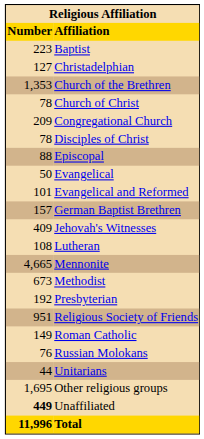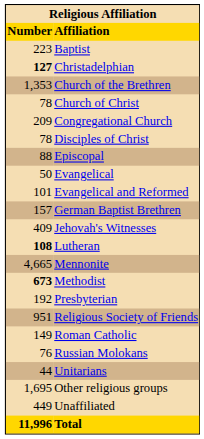 <table align=right cellspacing=0 style="border: 1px solid; background: wheat; margin-left: 5px; font-size:75%">
 <tr>
 <th colspan="2">Religious Affiliation</th>
 </tr>
 <tr style="background:gold">
 <th>Number</th>
 <th align=left>Affiliation</th>
 </tr>
 <tr>
 <td align=right>223</td>
 <td><a href='#'>Baptist</a></td>
 </tr>
 <tr>
-<td align=right>127</td>
+<td align=right><strong>127</strong></td>
 <td><a href='#'>Christadelphian</a></td>
 </tr>
 <tr style="background:tan">
 <td align=right>1,353</td>
 <td><a href='#'>Church of the Brethren</a></td>
 </tr>
 <tr>
 <td align=right>78</td>
 <td><a href='#'>Church of Christ</a></td>
 </tr>
 <tr>
 <td align=right>209</td>
 <td><a href='#'>Congregational Church</a></td>
 </tr>
 <tr>
 <td align=right>78</td>
 <td><a href='#'>Disciples of Christ</a></td>
 </tr>
 <tr style="background:tan">
 <td align=right>88</td>
 <td><a href='#'>Episcopal</a></td>
 </tr>
 <tr>
 <td align=right>50</td>
 <td><a href='#'>Evangelical</a></td>
 </tr>
 <tr>
 <td align=right>101</td>
 <td><a href='#'>Evangelical and Reformed</a></td>
 </tr>
 <tr style="background:tan">
 <td align=right>157</td>
 <td><a href='#'>German Baptist Brethren</a></td>
 </tr>
 <tr>
 <td align=right>409</td>
 <td><a href='#'>Jehovah's Witnesses</a></td>
 </tr>
 <tr>
-<td align=right>108</td>
+<td align=right><strong>108</strong></td>
 <td><a href='#'>Lutheran</a></td>
 </tr>
 <tr style="background:tan">
 <td align=right valign=bottom>4,665</td>
 <td><a href='#'>Mennonite</a></td>
 </tr>
 <tr>
-<td align=right>673</td>
+<td align=right><strong>673</strong></td>
 <td><a href='#'>Methodist</a></td>
 </tr>
 <tr>
 <td align=right>192</td>
 <td><a href='#'>Presbyterian</a></td>
 </tr>
 <tr style="background:tan">
 <td align=right>951</td>
 <td><a href='#'>Religious Society of Friends</a></td>
 </tr>
 <tr>
 <td align=right>149</td>
 <td><a href='#'>Roman Catholic</a></td>
 </tr>
 <tr>
 <td align=right>76</td>
 <td><a href='#'>Russian Molokans</a></td>
 </tr>
 <tr style="background:tan">
 <td align=right>44</td>
 <td><a href='#'>Unitarians</a></td>
 </tr>
 <tr>
 <td align=right>1,695</td>
 <td>Other religious groups</td>
 </tr>
 <tr>
-<td align=right><strong>449</strong></td>
+<td align=right>449</td>
 <td>Unaffiliated</td>
 </tr>
 <tr style="background:gold">
 <th align=right>11,996</th>
 <th align=left>Total</th>
 </tr>
 </table>
